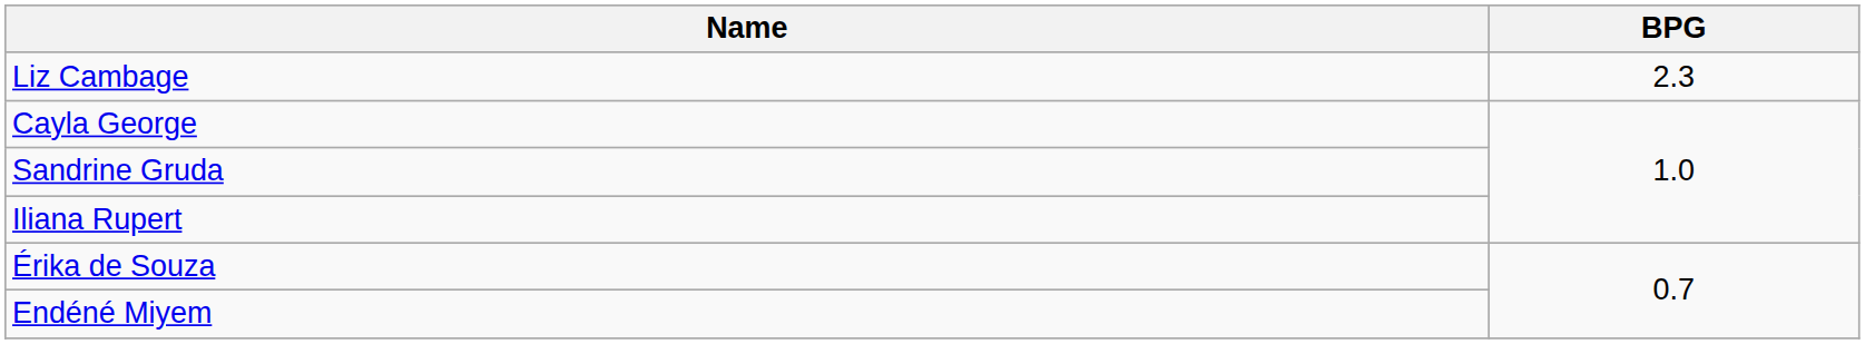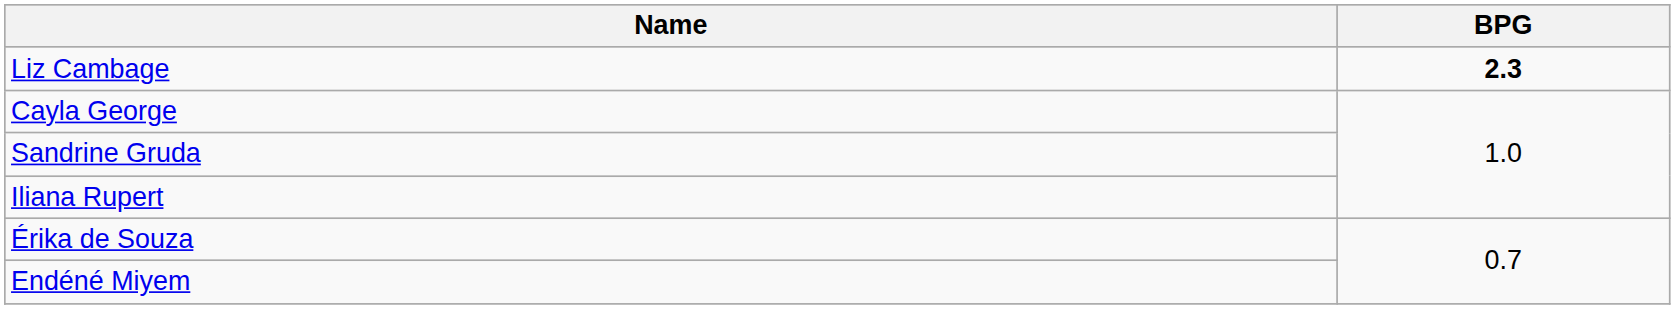 <table class=wikitable width="50%">
 <tr>
 <th width="80%">Name</th>
 <th width="20%">BPG</th>
 </tr>
 <tr>
 <td> <a href='#'>Liz Cambage</a></td>
-<td align=center>2.3</td>
+<td align=center><strong>2.3</strong></td>
 </tr>
 <tr>
 <td> <a href='#'>Cayla George</a></td>
 <td align=center rowspan=3>1.0</td>
 </tr>
 <tr>
 <td> <a href='#'>Sandrine Gruda</a></td>
 </tr>
 <tr>
 <td> <a href='#'>Iliana Rupert</a></td>
 </tr>
 <tr>
 <td> <a href='#'>Érika de Souza</a></td>
 <td align=center rowspan=2>0.7</td>
 </tr>
 <tr>
 <td> <a href='#'>Endéné Miyem</a></td>
 </tr>
 </table>
